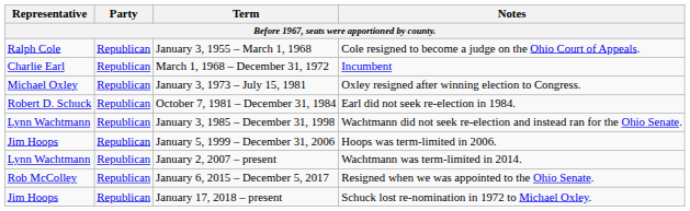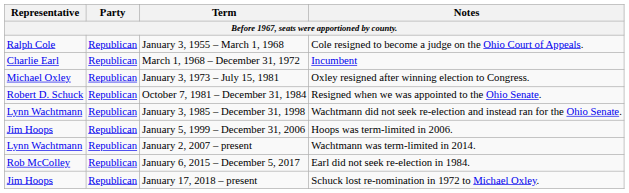 <table class=wikitable>
 <tr valign=bottom>
 <th>Representative</th>
 <th>Party</th>
 <th>Term</th>
 <th>Notes</th>
 </tr>
 <tr>
 <th colspan=5 style="font-size: 80%;"><em>Before 1967, seats were apportioned by county.</em></th>
 </tr>
 <tr>
 <td><a href='#'>Ralph Cole</a></td>
 <td><a href='#'>Republican</a></td>
 <td>January 3, 1955 – March 1, 1968</td>
 <td>Cole resigned to become a judge on the <a href='#'>Ohio Court of Appeals</a>.</td>
 </tr>
 <tr>
 <td><a href='#'>Charlie Earl</a></td>
 <td><a href='#'>Republican</a></td>
 <td>March 1, 1968 – December 31, 1972</td>
 <td><a href='#'>Incumbent</a></td>
 </tr>
 <tr>
 <td><a href='#'>Michael Oxley</a></td>
 <td><a href='#'>Republican</a></td>
 <td>January 3, 1973 – July 15, 1981</td>
 <td>Oxley resigned after winning election to Congress.</td>
 </tr>
 <tr>
 <td><a href='#'>Robert D. Schuck</a></td>
 <td><a href='#'>Republican</a></td>
 <td>October 7, 1981 – December 31, 1984</td>
-<td>Earl did not seek re-election in 1984.</td>
+<td>Resigned when we was appointed to the <a href='#'>Ohio Senate</a>.</td>
 </tr>
 <tr>
 <td><a href='#'>Lynn Wachtmann</a></td>
 <td><a href='#'>Republican</a></td>
 <td>January 3, 1985 – December 31, 1998</td>
 <td>Wachtmann did not seek re-election and instead ran for the <a href='#'>Ohio Senate</a>.</td>
 </tr>
 <tr>
 <td><a href='#'>Jim Hoops</a></td>
 <td><a href='#'>Republican</a></td>
 <td>January 5, 1999 – December 31, 2006</td>
 <td>Hoops was term-limited in 2006.</td>
 </tr>
 <tr>
 <td><a href='#'>Lynn Wachtmann</a></td>
 <td><a href='#'>Republican</a></td>
 <td>January 2, 2007 – present</td>
 <td>Wachtmann was term-limited in 2014.</td>
 </tr>
 <tr>
 <td><a href='#'>Rob McColley</a></td>
 <td><a href='#'>Republican</a></td>
 <td>January 6, 2015 – December 5, 2017</td>
-<td>Resigned when we was appointed to the <a href='#'>Ohio Senate</a>.</td>
+<td>Earl did not seek re-election in 1984.</td>
 </tr>
 <tr>
 <td><a href='#'>Jim Hoops</a></td>
 <td><a href='#'>Republican</a></td>
 <td>January 17, 2018 – present</td>
 <td>Schuck lost re-nomination in 1972 to <a href='#'>Michael Oxley</a>.</td>
 </tr>
 </table>
